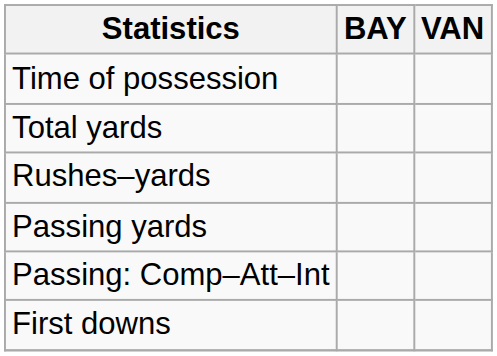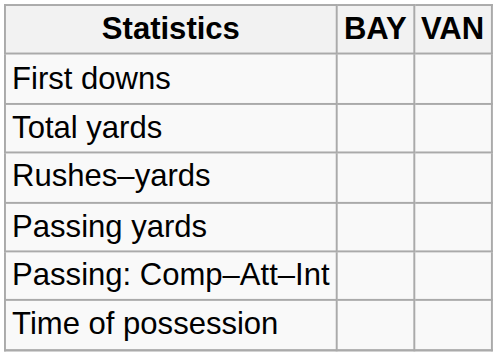 <table class="wikitable" style="float: left;">
 <tr>
 <th>Statistics</th>
 <th>BAY</th>
 <th>VAN</th>
 </tr>
 <tr>
-<td>Time of possession</td>
+<td>First downs</td>
 <td></td>
 <td></td>
 </tr>
 <tr>
 <td>Total yards</td>
 <td></td>
 <td></td>
 </tr>
 <tr>
 <td>Rushes–yards</td>
 <td></td>
 <td></td>
 </tr>
 <tr>
 <td>Passing yards</td>
 <td></td>
 <td></td>
 </tr>
 <tr>
 <td>Passing: Comp–Att–Int</td>
 <td></td>
 <td></td>
 </tr>
 <tr>
-<td>First downs</td>
+<td>Time of possession</td>
 <td></td>
 <td></td>
 </tr>
 <tr>
 </tr>
 </table>
